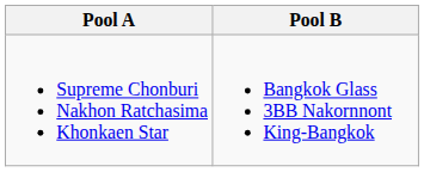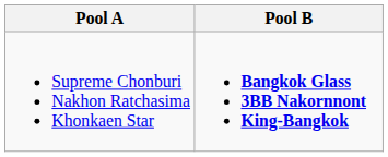 <table class="wikitable">
 <tr>
 <th width=50%>Pool A</th>
 <th width=50%>Pool B</th>
 </tr>
 <tr>
 <td><br><ul><li><a href='#'>Supreme Chonburi</a></li><li><a href='#'>Nakhon Ratchasima</a></li><li><a href='#'>Khonkaen Star</a></li></ul></td>
-<td><br><ul><li><a href='#'>Bangkok Glass</a></li><li><a href='#'>3BB Nakornnont</a></li><li><a href='#'>King-Bangkok</a></li></ul></td>
+<td><strong><br><ul><li><a href='#'>Bangkok Glass</a></li><li><a href='#'>3BB Nakornnont</a></li><li><a href='#'>King-Bangkok</a></li></ul></strong></td>
 </tr>
 </table>
